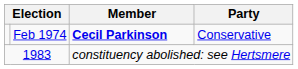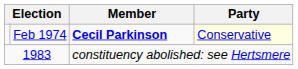 <table class="wikitable">
 <tr>
 <th colspan="2">Election</th>
 <th>Member</th>
 <th>Party</th>
 </tr>
 <tr>
 <td style="color:inherit;background-color: "></td>
 <td><a href='#'>Feb 1974</a></td>
 <td><strong><a href='#'>Cecil Parkinson</a></strong></td>
-<td><a href='#'>Conservative</a></td>
+<td style="background: lightyellow;"><a href='#'>Conservative</a></td>
 </tr>
 <tr>
 <td colspan="2" align="center"><a href='#'>1983</a></td>
 <td colspan="2"><em>constituency abolished: see <a href='#'>Hertsmere</a></em></td>
 </tr>
 </table>
